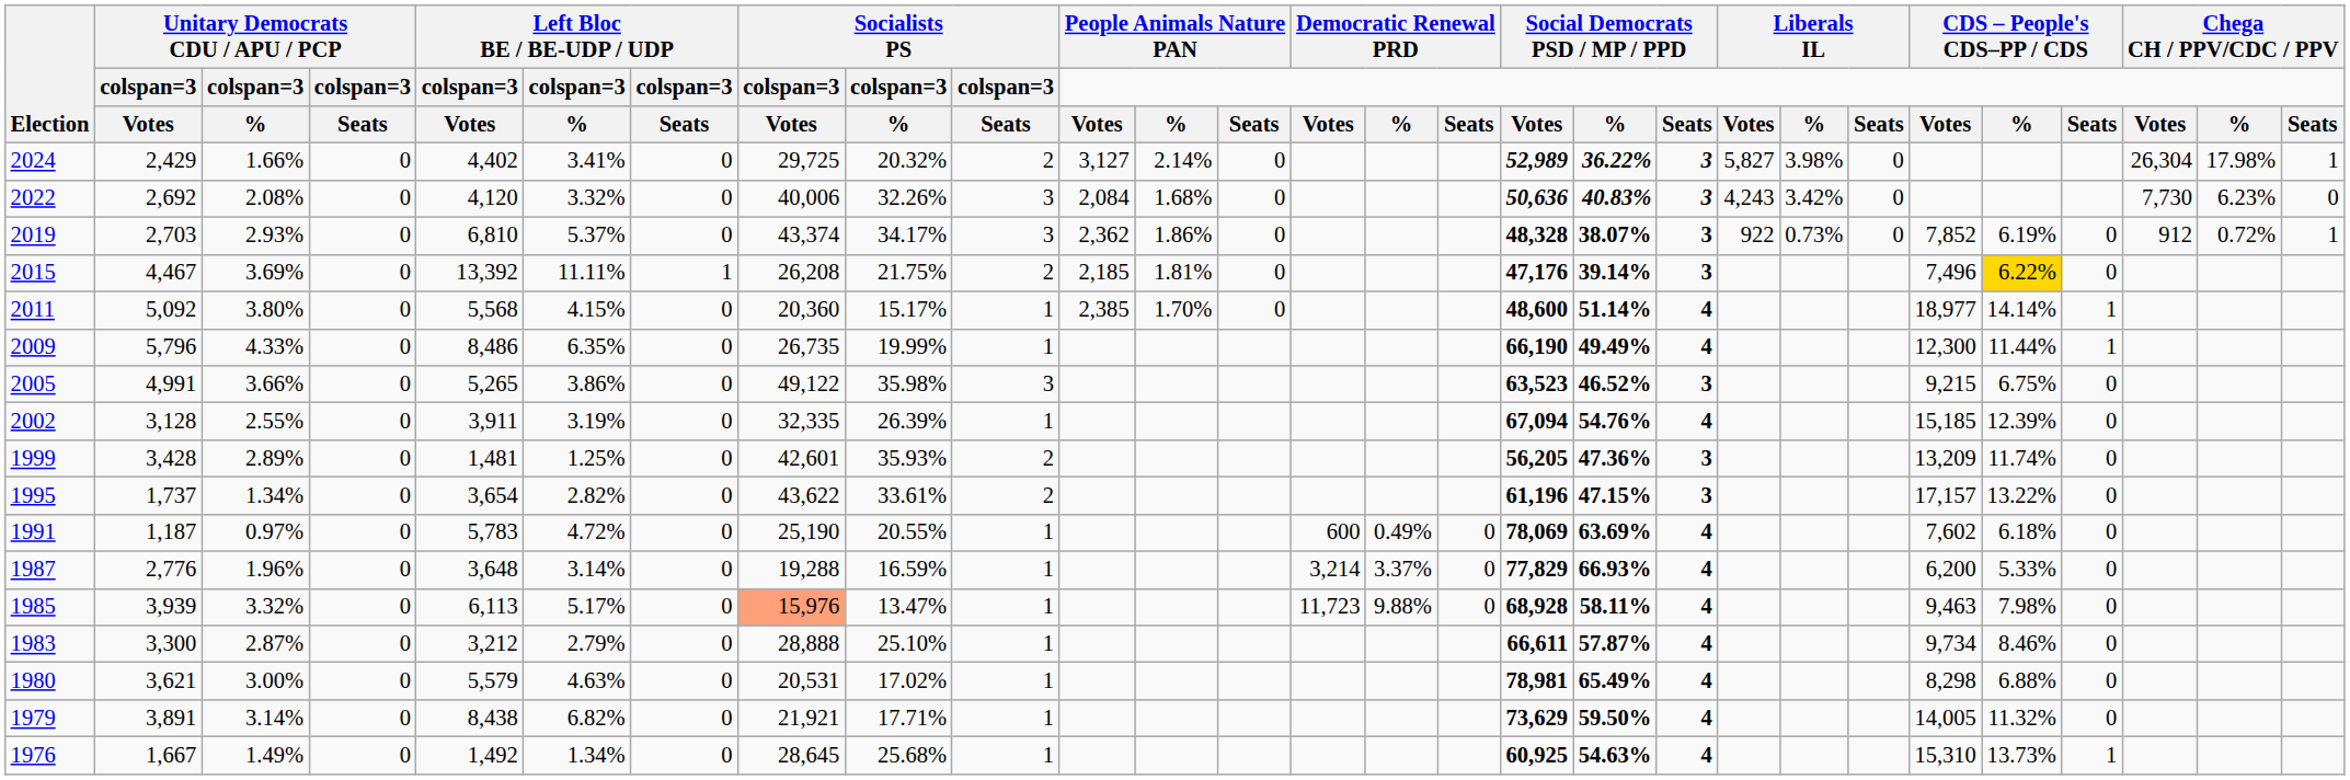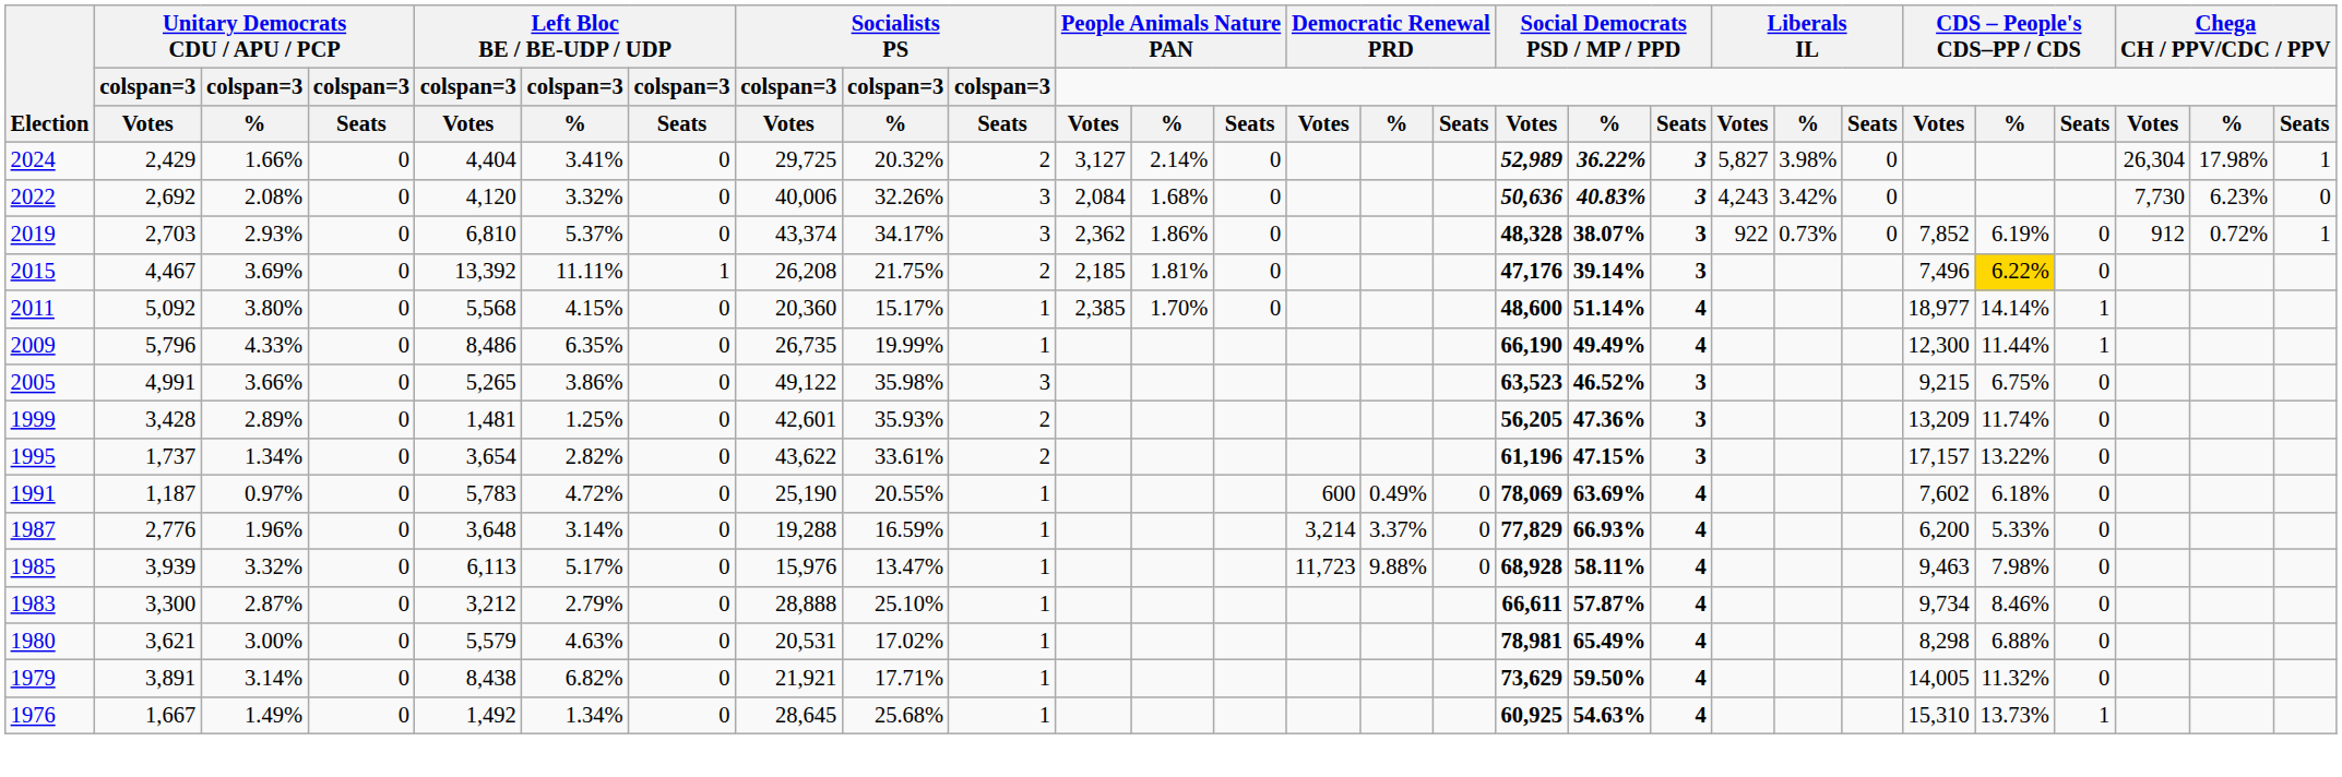 <table class="wikitable" border="1" style="font-size:85%; text-align:right;">
 <tr>
 <th style="text-align:left;" valign=bottom rowspan=3>Election</th>
 <th valign=bottom colspan=3><a href='#'>Unitary Democrats</a><br>CDU / APU / PCP</th>
 <th valign=bottom colspan=3><a href='#'>Left Bloc</a><br>BE / BE-UDP / UDP</th>
 <th valign=bottom colspan=3><a href='#'>Socialists</a><br>PS</th>
 <th valign=bottom colspan=3><a href='#'>People Animals Nature</a><br>PAN</th>
 <th valign=bottom colspan=3><a href='#'>Democratic Renewal</a><br>PRD</th>
 <th valign=bottom colspan=3><a href='#'>Social Democrats</a><br>PSD / MP / PPD</th>
 <th valign=bottom colspan=3><a href='#'>Liberals</a><br>IL</th>
 <th valign=bottom colspan=3><a href='#'>CDS – People's</a><br>CDS–PP / CDS</th>
 <th valign=bottom colspan=3><a href='#'>Chega</a><br>CH / PPV/CDC / PPV</th>
 </tr>
 <tr>
 <th>colspan=3 </th>
 <th>colspan=3 </th>
 <th>colspan=3 </th>
 <th>colspan=3 </th>
 <th>colspan=3 </th>
 <th>colspan=3 </th>
 <th>colspan=3 </th>
 <th>colspan=3 </th>
 <th>colspan=3 </th>
 </tr>
 <tr>
 <th>Votes</th>
 <th>%</th>
 <th>Seats</th>
 <th>Votes</th>
 <th>%</th>
 <th>Seats</th>
 <th>Votes</th>
 <th>%</th>
 <th>Seats</th>
 <th>Votes</th>
 <th>%</th>
 <th>Seats</th>
 <th>Votes</th>
 <th>%</th>
 <th>Seats</th>
 <th>Votes</th>
 <th>%</th>
 <th>Seats</th>
 <th>Votes</th>
 <th>%</th>
 <th>Seats</th>
 <th>Votes</th>
 <th>%</th>
 <th>Seats</th>
 <th>Votes</th>
 <th>%</th>
 <th>Seats</th>
 </tr>
 <tr>
 <td align=left><a href='#'>2024</a></td>
 <td>2,429</td>
 <td>1.66%</td>
 <td>0</td>
-<td>4,402</td>
+<td>4,404</td>
 <td>3.41%</td>
 <td>0</td>
 <td>29,725</td>
 <td>20.32%</td>
 <td>2</td>
 <td>3,127</td>
 <td>2.14%</td>
 <td>0</td>
 <td></td>
 <td></td>
 <td></td>
 <td><strong><em>52,989</em></strong></td>
 <td><strong><em>36.22%</em></strong></td>
 <td><strong><em>3</em></strong></td>
 <td>5,827</td>
 <td>3.98%</td>
 <td>0</td>
 <td></td>
 <td></td>
 <td></td>
 <td>26,304</td>
 <td>17.98%</td>
 <td>1</td>
 </tr>
 <tr>
 <td align=left><a href='#'>2022</a></td>
 <td>2,692</td>
 <td>2.08%</td>
 <td>0</td>
 <td>4,120</td>
 <td>3.32%</td>
 <td>0</td>
 <td>40,006</td>
 <td>32.26%</td>
 <td>3</td>
 <td>2,084</td>
 <td>1.68%</td>
 <td>0</td>
 <td></td>
 <td></td>
 <td></td>
 <td><strong><em>50,636</em></strong></td>
 <td><strong><em>40.83%</em></strong></td>
 <td><strong><em>3</em></strong></td>
 <td>4,243</td>
 <td>3.42%</td>
 <td>0</td>
 <td></td>
 <td></td>
 <td></td>
 <td>7,730</td>
 <td>6.23%</td>
 <td>0</td>
 </tr>
 <tr>
 <td align=left><a href='#'>2019</a></td>
 <td>2,703</td>
 <td>2.93%</td>
 <td>0</td>
 <td>6,810</td>
 <td>5.37%</td>
 <td>0</td>
 <td>43,374</td>
 <td>34.17%</td>
 <td>3</td>
 <td>2,362</td>
 <td>1.86%</td>
 <td>0</td>
 <td></td>
 <td></td>
 <td></td>
 <td><strong>48,328</strong></td>
 <td><strong>38.07%</strong></td>
 <td><strong>3</strong></td>
 <td>922</td>
 <td>0.73%</td>
 <td>0</td>
 <td>7,852</td>
 <td>6.19%</td>
 <td>0</td>
 <td>912</td>
 <td>0.72%</td>
 <td>1</td>
 </tr>
 <tr>
 <td align=left><a href='#'>2015</a></td>
 <td>4,467</td>
 <td>3.69%</td>
 <td>0</td>
 <td>13,392</td>
 <td>11.11%</td>
 <td>1</td>
 <td>26,208</td>
 <td>21.75%</td>
 <td>2</td>
 <td>2,185</td>
 <td>1.81%</td>
 <td>0</td>
 <td></td>
 <td></td>
 <td></td>
 <td><strong>47,176</strong></td>
 <td><strong>39.14%</strong></td>
 <td><strong>3</strong></td>
 <td></td>
 <td></td>
 <td></td>
 <td>7,496</td>
 <td style="background: gold;">6.22%</td>
 <td>0</td>
 <td></td>
 <td></td>
 <td></td>
 </tr>
 <tr>
 <td align=left><a href='#'>2011</a></td>
 <td>5,092</td>
 <td>3.80%</td>
 <td>0</td>
 <td>5,568</td>
 <td>4.15%</td>
 <td>0</td>
 <td>20,360</td>
 <td>15.17%</td>
 <td>1</td>
 <td>2,385</td>
 <td>1.70%</td>
 <td>0</td>
 <td></td>
 <td></td>
 <td></td>
 <td><strong>48,600</strong></td>
 <td><strong>51.14%</strong></td>
 <td><strong>4</strong></td>
 <td></td>
 <td></td>
 <td></td>
 <td>18,977</td>
 <td>14.14%</td>
 <td>1</td>
 <td></td>
 <td></td>
 <td></td>
 </tr>
 <tr>
 <td align=left><a href='#'>2009</a></td>
 <td>5,796</td>
 <td>4.33%</td>
 <td>0</td>
 <td>8,486</td>
 <td>6.35%</td>
 <td>0</td>
 <td>26,735</td>
 <td>19.99%</td>
 <td>1</td>
 <td></td>
 <td></td>
 <td></td>
 <td></td>
 <td></td>
 <td></td>
 <td><strong>66,190</strong></td>
 <td><strong>49.49%</strong></td>
 <td><strong>4</strong></td>
 <td></td>
 <td></td>
 <td></td>
 <td>12,300</td>
 <td>11.44%</td>
 <td>1</td>
 <td></td>
 <td></td>
 <td></td>
 </tr>
 <tr>
 <td align=left><a href='#'>2005</a></td>
 <td>4,991</td>
 <td>3.66%</td>
 <td>0</td>
 <td>5,265</td>
 <td>3.86%</td>
 <td>0</td>
 <td>49,122</td>
 <td>35.98%</td>
 <td>3</td>
 <td></td>
 <td></td>
 <td></td>
 <td></td>
 <td></td>
 <td></td>
 <td><strong>63,523</strong></td>
 <td><strong>46.52%</strong></td>
 <td><strong>3</strong></td>
 <td></td>
 <td></td>
 <td></td>
 <td>9,215</td>
 <td>6.75%</td>
 <td>0</td>
 <td></td>
 <td></td>
 <td></td>
 </tr>
 <tr>
-<td align=left><a href='#'>2002</a></td>
-<td>3,128</td>
-<td>2.55%</td>
-<td>0</td>
-<td>3,911</td>
-<td>3.19%</td>
-<td>0</td>
-<td>32,335</td>
-<td>26.39%</td>
-<td>1</td>
-<td></td>
-<td></td>
-<td></td>
-<td></td>
-<td></td>
-<td></td>
-<td><strong>67,094</strong></td>
-<td><strong>54.76%</strong></td>
-<td><strong>4</strong></td>
-<td></td>
-<td></td>
-<td></td>
-<td>15,185</td>
-<td>12.39%</td>
-<td>0</td>
-<td></td>
-<td></td>
-<td></td>
-</tr>
-<tr>
 <td align=left><a href='#'>1999</a></td>
 <td>3,428</td>
 <td>2.89%</td>
 <td>0</td>
 <td>1,481</td>
 <td>1.25%</td>
 <td>0</td>
 <td>42,601</td>
 <td>35.93%</td>
 <td>2</td>
 <td></td>
 <td></td>
 <td></td>
 <td></td>
 <td></td>
 <td></td>
 <td><strong>56,205</strong></td>
 <td><strong>47.36%</strong></td>
 <td><strong>3</strong></td>
 <td></td>
 <td></td>
 <td></td>
 <td>13,209</td>
 <td>11.74%</td>
 <td>0</td>
 <td></td>
 <td></td>
 <td></td>
 </tr>
 <tr>
 <td align=left><a href='#'>1995</a></td>
 <td>1,737</td>
 <td>1.34%</td>
 <td>0</td>
 <td>3,654</td>
 <td>2.82%</td>
 <td>0</td>
 <td>43,622</td>
 <td>33.61%</td>
 <td>2</td>
 <td></td>
 <td></td>
 <td></td>
 <td></td>
 <td></td>
 <td></td>
 <td><strong>61,196</strong></td>
 <td><strong>47.15%</strong></td>
 <td><strong>3</strong></td>
 <td></td>
 <td></td>
 <td></td>
 <td>17,157</td>
 <td>13.22%</td>
 <td>0</td>
 <td></td>
 <td></td>
 <td></td>
 </tr>
 <tr>
 <td align=left><a href='#'>1991</a></td>
 <td>1,187</td>
 <td>0.97%</td>
 <td>0</td>
 <td>5,783</td>
 <td>4.72%</td>
 <td>0</td>
 <td>25,190</td>
 <td>20.55%</td>
 <td>1</td>
 <td></td>
 <td></td>
 <td></td>
 <td>600</td>
 <td>0.49%</td>
 <td>0</td>
 <td><strong>78,069</strong></td>
 <td><strong>63.69%</strong></td>
 <td><strong>4</strong></td>
 <td></td>
 <td></td>
 <td></td>
 <td>7,602</td>
 <td>6.18%</td>
 <td>0</td>
 <td></td>
 <td></td>
 <td></td>
 </tr>
 <tr>
 <td align=left><a href='#'>1987</a></td>
 <td>2,776</td>
 <td>1.96%</td>
 <td>0</td>
 <td>3,648</td>
 <td>3.14%</td>
 <td>0</td>
 <td>19,288</td>
 <td>16.59%</td>
 <td>1</td>
 <td></td>
 <td></td>
 <td></td>
 <td>3,214</td>
 <td>3.37%</td>
 <td>0</td>
 <td><strong>77,829</strong></td>
 <td><strong>66.93%</strong></td>
 <td><strong>4</strong></td>
 <td></td>
 <td></td>
 <td></td>
 <td>6,200</td>
 <td>5.33%</td>
 <td>0</td>
 <td></td>
 <td></td>
 <td></td>
 </tr>
 <tr>
 <td align=left><a href='#'>1985</a></td>
 <td>3,939</td>
 <td>3.32%</td>
 <td>0</td>
 <td>6,113</td>
 <td>5.17%</td>
 <td>0</td>
-<td style="background: lightsalmon;">15,976</td>
+<td>15,976</td>
 <td>13.47%</td>
 <td>1</td>
 <td></td>
 <td></td>
 <td></td>
 <td>11,723</td>
 <td>9.88%</td>
 <td>0</td>
 <td><strong>68,928</strong></td>
 <td><strong>58.11%</strong></td>
 <td><strong>4</strong></td>
 <td></td>
 <td></td>
 <td></td>
 <td>9,463</td>
 <td>7.98%</td>
 <td>0</td>
 <td></td>
 <td></td>
 <td></td>
 </tr>
 <tr>
 <td align=left><a href='#'>1983</a></td>
 <td>3,300</td>
 <td>2.87%</td>
 <td>0</td>
 <td>3,212</td>
 <td>2.79%</td>
 <td>0</td>
 <td>28,888</td>
 <td>25.10%</td>
 <td>1</td>
 <td></td>
 <td></td>
 <td></td>
 <td></td>
 <td></td>
 <td></td>
 <td><strong>66,611</strong></td>
 <td><strong>57.87%</strong></td>
 <td><strong>4</strong></td>
 <td></td>
 <td></td>
 <td></td>
 <td>9,734</td>
 <td>8.46%</td>
 <td>0</td>
 <td></td>
 <td></td>
 <td></td>
 </tr>
 <tr>
 <td align=left><a href='#'>1980</a></td>
 <td>3,621</td>
 <td>3.00%</td>
 <td>0</td>
 <td>5,579</td>
 <td>4.63%</td>
 <td>0</td>
 <td>20,531</td>
 <td>17.02%</td>
 <td>1</td>
 <td></td>
 <td></td>
 <td></td>
 <td></td>
 <td></td>
 <td></td>
 <td><strong>78,981</strong></td>
 <td><strong>65.49%</strong></td>
 <td><strong>4</strong></td>
 <td></td>
 <td></td>
 <td></td>
 <td>8,298</td>
 <td>6.88%</td>
 <td>0</td>
 <td></td>
 <td></td>
 <td></td>
 </tr>
 <tr>
 <td align=left><a href='#'>1979</a></td>
 <td>3,891</td>
 <td>3.14%</td>
 <td>0</td>
 <td>8,438</td>
 <td>6.82%</td>
 <td>0</td>
 <td>21,921</td>
 <td>17.71%</td>
 <td>1</td>
 <td></td>
 <td></td>
 <td></td>
 <td></td>
 <td></td>
 <td></td>
 <td><strong>73,629</strong></td>
 <td><strong>59.50%</strong></td>
 <td><strong>4</strong></td>
 <td></td>
 <td></td>
 <td></td>
 <td>14,005</td>
 <td>11.32%</td>
 <td>0</td>
 <td></td>
 <td></td>
 <td></td>
 </tr>
 <tr>
 <td align=left><a href='#'>1976</a></td>
 <td>1,667</td>
 <td>1.49%</td>
 <td>0</td>
 <td>1,492</td>
 <td>1.34%</td>
 <td>0</td>
 <td>28,645</td>
 <td>25.68%</td>
 <td>1</td>
 <td></td>
 <td></td>
 <td></td>
 <td></td>
 <td></td>
 <td></td>
 <td><strong>60,925</strong></td>
 <td><strong>54.63%</strong></td>
 <td><strong>4</strong></td>
 <td></td>
 <td></td>
 <td></td>
 <td>15,310</td>
 <td>13.73%</td>
 <td>1</td>
 <td></td>
 <td></td>
 <td></td>
 </tr>
 </table>
